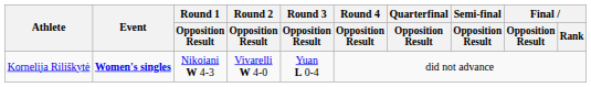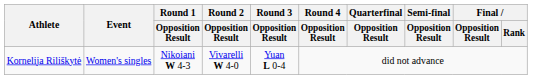 <table class=wikitable style=font-size:90%;text-align:center>
 <tr>
 <th rowspan=2>Athlete</th>
 <th rowspan=2>Event</th>
 <th>Round 1</th>
 <th>Round 2</th>
 <th>Round 3</th>
 <th>Round 4</th>
 <th>Quarterfinal</th>
 <th>Semi-final</th>
 <th colspan=2>Final / </th>
 </tr>
 <tr style=font-size:95%>
 <th>Opposition<br>Result</th>
 <th>Opposition<br>Result</th>
 <th>Opposition<br>Result</th>
 <th>Opposition<br>Result</th>
 <th>Opposition<br>Result</th>
 <th>Opposition<br>Result</th>
 <th>Opposition<br>Result</th>
 <th>Rank</th>
 </tr>
 <tr>
 <td align=left><a href='#'>Kornelija Riliškytė</a></td>
-<td align=left><strong><a href='#'>Women's singles</a></strong></td>
+<td align=left><a href='#'>Women's singles</a></td>
 <td> <a href='#'>Nikoiani</a> <br> <strong>W</strong> 4-3</td>
 <td> <a href='#'>Vivarelli</a> <br> <strong>W</strong> 4-0</td>
 <td> <a href='#'>Yuan</a> <br> <strong>L</strong>  0-4</td>
 <td colspan=5>did not advance</td>
 </tr>
 </table>
